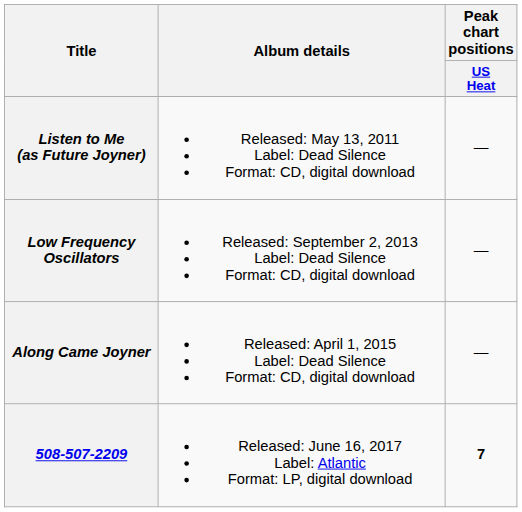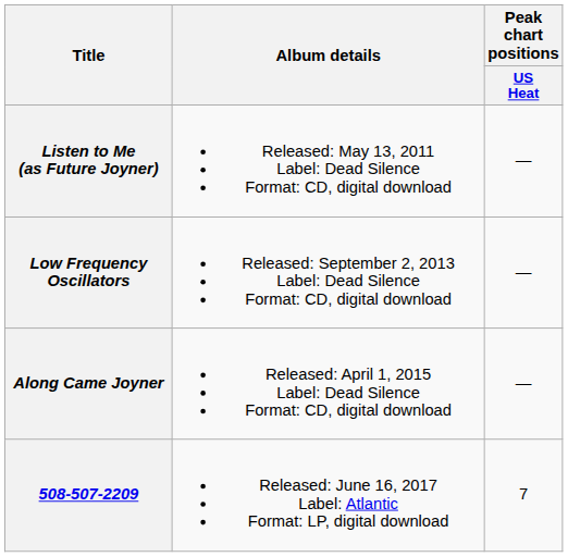 <table class="wikitable plainrowheaders" style="text-align:center; border:1">
 <tr>
 <th scope="col" rowspan="2" style="width:10em;">Title</th>
 <th scope="col" rowspan="2" style="width:19em;">Album details</th>
 <th scope="col" colspan="1">Peak chart positions</th>
 </tr>
 <tr>
 <th scope="col" style="width:2.2em;font-size:90%;"><a href='#'>US<br>Heat</a><br></th>
 </tr>
 <tr>
 <th scope="row"><em>Listen to Me</em><br><span><em>(as Future Joyner)</em></span></th>
 <td><br><ul><li>Released: May 13, 2011</li><li>Label: Dead Silence</li><li>Format: CD, digital download</li></ul></td>
 <td>—</td>
 </tr>
 <tr>
 <th scope="row"><em>Low Frequency Oscillators</em></th>
 <td><br><ul><li>Released: September 2, 2013</li><li>Label: Dead Silence</li><li>Format: CD, digital download</li></ul></td>
 <td>—</td>
 </tr>
 <tr>
 <th scope="row"><em>Along Came Joyner</em></th>
 <td><br><ul><li>Released: April 1, 2015</li><li>Label: Dead Silence</li><li>Format: CD, digital download</li></ul></td>
 <td>—</td>
 </tr>
 <tr>
 <th scope="row"><em><a href='#'>508-507-2209</a></em></th>
 <td><br><ul><li>Released: June 16, 2017</li><li>Label: <a href='#'>Atlantic</a></li><li>Format: LP, digital download</li></ul></td>
-<td><strong>7</strong></td>
+<td>7</td>
 </tr>
 </table>
